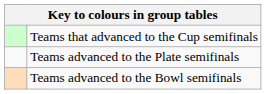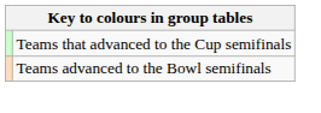 <table class="wikitable" style="text-align: center;">
 <tr>
 <th colspan=2>Key to colours in group tables</th>
 </tr>
 <tr>
 <td style="background:#cfc;"></td>
 <td align=left>Teams that advanced to the Cup semifinals</td>
 </tr>
 <tr>
-<td style="width:20px;"></td>
-<td align=left>Teams advanced to the Plate semifinals</td>
-</tr>
-<tr>
 <td style="background:#fdb;"></td>
 <td align=left>Teams advanced to the Bowl semifinals</td>
 </tr>
 </table>
